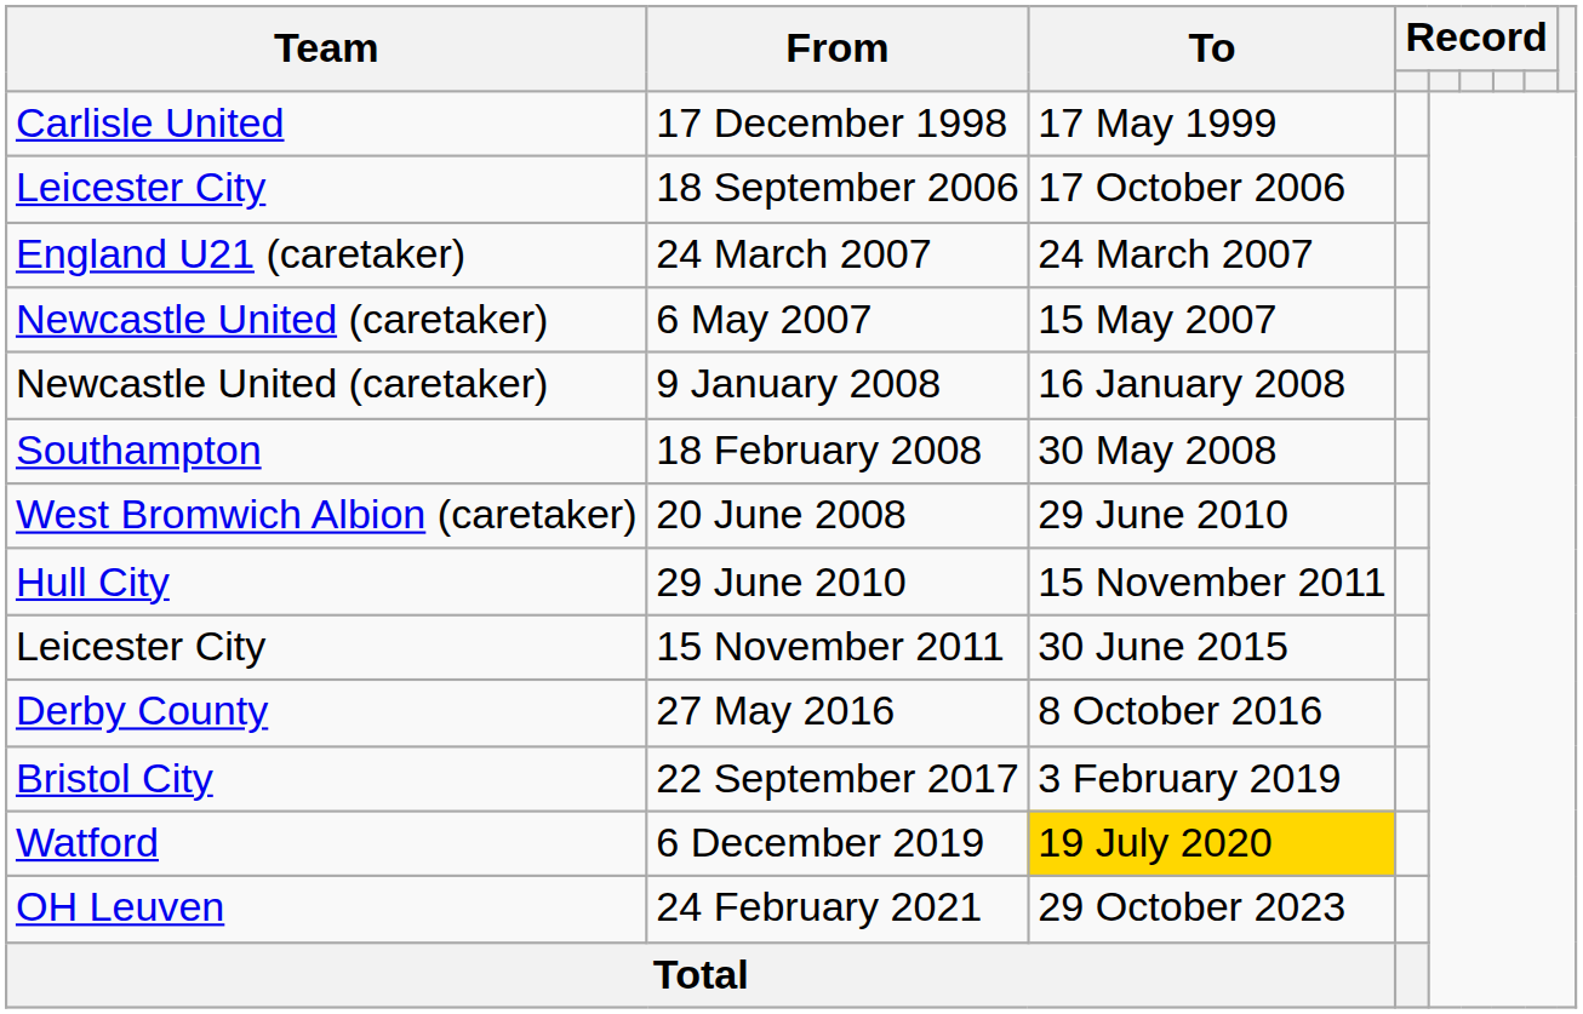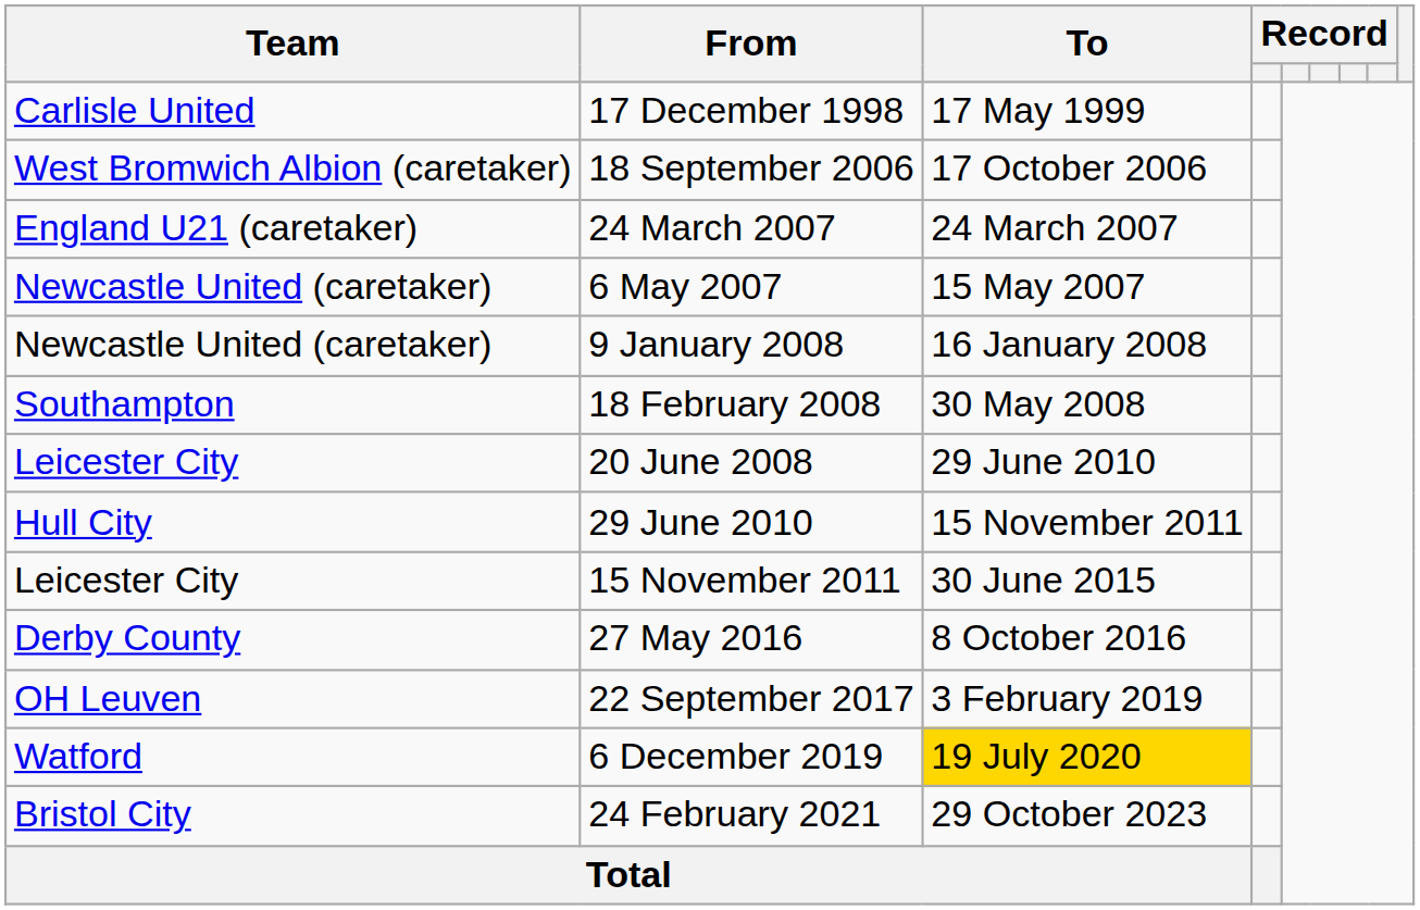 <table class=wikitable style="text-align: center">
 <tr>
 <th rowspan="2">Team</th>
 <th rowspan="2">From</th>
 <th rowspan="2">To</th>
 <th colspan="5">Record</th>
 <th rowspan="2"></th>
 </tr>
 <tr>
 <th></th>
 <th></th>
 <th></th>
 <th></th>
 <th></th>
 </tr>
 <tr>
 <td align=left><a href='#'>Carlisle United</a></td>
 <td align=left>17 December 1998</td>
 <td align=left>17 May 1999<br></td>
 <td></td>
 </tr>
 <tr>
-<td align=left><a href='#'>Leicester City</a></td>
+<td align=left><a href='#'>West Bromwich Albion</a> (caretaker)</td>
 <td align=left>18 September 2006</td>
 <td align=left>17 October 2006<br></td>
 <td></td>
 </tr>
 <tr>
 <td align="left"><a href='#'>England U21</a> (caretaker)</td>
 <td align="left">24 March 2007</td>
 <td align="left">24 March 2007<br></td>
 <td></td>
 </tr>
 <tr>
 <td align=left><a href='#'>Newcastle United</a> (caretaker)</td>
 <td align=left>6 May 2007</td>
 <td align=left>15 May 2007<br></td>
 <td></td>
 </tr>
 <tr>
 <td align=left>Newcastle United (caretaker)</td>
 <td align=left>9 January 2008</td>
 <td align=left>16 January 2008<br></td>
 <td></td>
 </tr>
 <tr>
 <td align=left><a href='#'>Southampton</a></td>
 <td align=left>18 February 2008</td>
 <td align=left>30 May 2008<br></td>
 <td></td>
 </tr>
 <tr>
-<td align=left><a href='#'>West Bromwich Albion</a> (caretaker)</td>
+<td align=left><a href='#'>Leicester City</a></td>
 <td align=left>20 June 2008</td>
 <td align=left>29 June 2010<br></td>
 <td></td>
 </tr>
 <tr>
 <td align=left><a href='#'>Hull City</a></td>
 <td align=left>29 June 2010</td>
 <td align=left>15 November 2011<br></td>
 <td></td>
 </tr>
 <tr>
 <td align=left>Leicester City</td>
 <td align=left>15 November 2011</td>
 <td align=left>30 June 2015<br></td>
 <td></td>
 </tr>
 <tr>
 <td align=left><a href='#'>Derby County</a></td>
 <td align=left>27 May 2016</td>
 <td align=left>8 October 2016<br></td>
 <td></td>
 </tr>
 <tr>
-<td align=left><a href='#'>Bristol City</a></td>
+<td align=left><a href='#'>OH Leuven</a></td>
 <td align=left>22 September 2017</td>
 <td align=left>3 February 2019<br></td>
 <td></td>
 </tr>
 <tr>
 <td align=left><a href='#'>Watford</a></td>
 <td align=left>6 December 2019</td>
 <td align=left style="background: gold;">19 July 2020<br></td>
 <td></td>
 </tr>
 <tr>
-<td align=left><a href='#'>OH Leuven</a></td>
+<td align=left><a href='#'>Bristol City</a></td>
 <td align=left>24 February 2021</td>
 <td align=left>29 October 2023<br></td>
 <td></td>
 </tr>
 <tr>
 <th colspan="3">Total<br></th>
 <th></th>
 </tr>
 </table>
